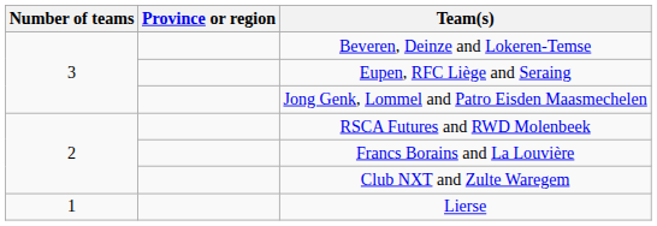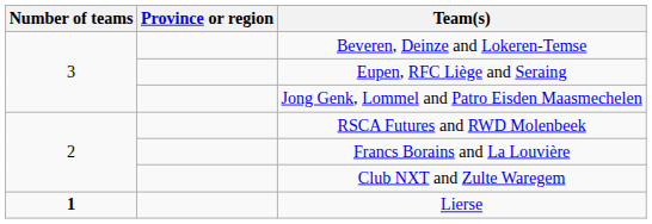 <table class="wikitable" style="text-align:center">
 <tr>
 <th>Number of teams</th>
 <th><a href='#'>Province</a> or region</th>
 <th>Team(s)</th>
 </tr>
 <tr>
 <td rowspan=3>3</td>
 <td align="left"></td>
 <td><a href='#'>Beveren</a>, <a href='#'>Deinze</a> and <a href='#'>Lokeren-Temse</a></td>
 </tr>
 <tr>
 <td align="left"></td>
 <td><a href='#'>Eupen</a>, <a href='#'>RFC Liège</a> and <a href='#'>Seraing</a></td>
 </tr>
 <tr>
 <td align="left"></td>
 <td><a href='#'>Jong Genk</a>, <a href='#'>Lommel</a> and <a href='#'>Patro Eisden Maasmechelen</a></td>
 </tr>
 <tr>
 <td rowspan=3>2</td>
 <td align="left"></td>
 <td><a href='#'>RSCA Futures</a> and <a href='#'>RWD Molenbeek</a></td>
 </tr>
 <tr>
 <td align="left"></td>
 <td><a href='#'>Francs Borains</a> and <a href='#'>La Louvière</a></td>
 </tr>
 <tr>
 <td align="left"></td>
 <td><a href='#'>Club NXT</a> and <a href='#'>Zulte Waregem</a></td>
 </tr>
 <tr>
-<td>1</td>
+<td><strong>1</strong></td>
 <td align="left"></td>
 <td><a href='#'>Lierse</a></td>
 </tr>
 </table>
